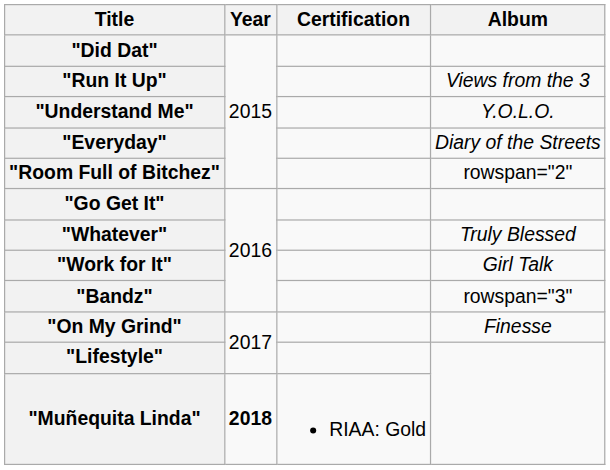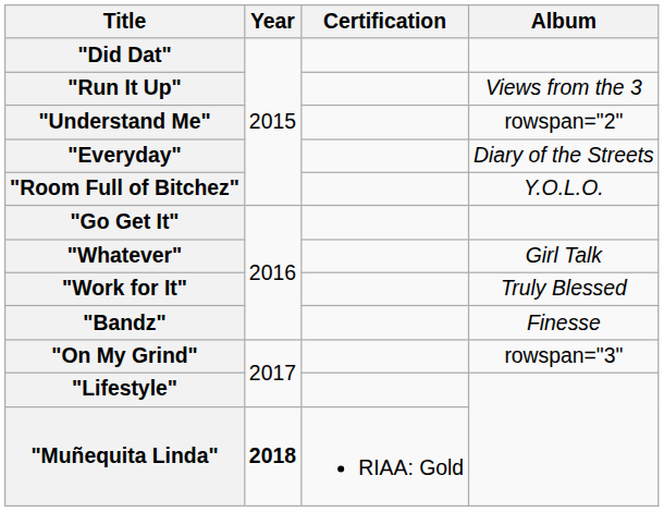 <table class="wikitable plainrowheaders" style="text-align:center;">
 <tr>
 <th scope="col">Title</th>
 <th scope="col">Year</th>
 <th scope="col">Certification</th>
 <th scope="col">Album</th>
 </tr>
 <tr>
 <th scope="row">"Did Dat"<br></th>
 <td rowspan="5">2015</td>
 <td></td>
 <td></td>
 </tr>
 <tr>
 <th scope="row">"Run It Up"<br></th>
 <td></td>
 <td><em>Views from the 3</em></td>
 </tr>
 <tr>
 <th scope="row">"Understand Me"<br></th>
 <td></td>
-<td><em>Y.O.L.O.</em></td>
+<td>rowspan="2" </td>
 </tr>
 <tr>
 <th scope="row">"Everyday"<br></th>
 <td></td>
 <td><em>Diary of the Streets</em></td>
 </tr>
 <tr>
 <th scope="row">"Room Full of Bitchez"<br></th>
 <td></td>
-<td>rowspan="2" </td>
+<td><em>Y.O.L.O.</em></td>
 </tr>
 <tr>
 <th scope="row">"Go Get It"<br></th>
 <td rowspan="4">2016</td>
 <td></td>
 </tr>
 <tr>
 <th scope="row">"Whatever"<br></th>
 <td></td>
-<td><em>Truly Blessed</em></td>
+<td><em>Girl Talk</em></td>
 </tr>
 <tr>
 <th scope="row">"Work for It"<br></th>
 <td></td>
-<td><em>Girl Talk</em></td>
+<td><em>Truly Blessed</em></td>
 </tr>
 <tr>
 <th scope="row">"Bandz"<br></th>
 <td></td>
-<td>rowspan="3" </td>
+<td><em>Finesse</em></td>
 </tr>
 <tr>
 <th scope="row">"On My Grind"<br></th>
 <td rowspan="2">2017</td>
 <td></td>
-<td><em>Finesse</em></td>
+<td>rowspan="3" </td>
 </tr>
 <tr>
 <th scope="row">"Lifestyle"<br></th>
 <td></td>
 </tr>
 <tr>
 <th scope="row">"Muñequita Linda"<br></th>
 <td><strong>2018</strong></td>
 <td><br><ul><li>RIAA: Gold </li></ul></td>
 </tr>
 </table>
